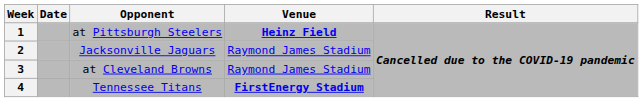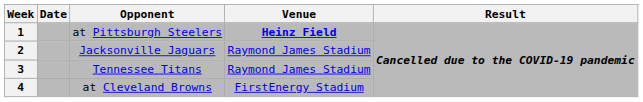 <table class="wikitable" style="text-align:center">
 <tr>
 <th>Week</th>
 <th>Date</th>
 <th>Opponent</th>
 <th>Venue</th>
 <th>Result</th>
 </tr>
 <tr style="background:#bababa">
 <th>1</th>
 <td></td>
 <td>at <a href='#'>Pittsburgh Steelers</a></td>
 <td><strong><a href='#'>Heinz Field</a></strong></td>
 <td rowspan=4><strong><em>Cancelled due to the COVID-19 pandemic</em></strong></td>
 </tr>
 <tr style="background:#bababa">
 <th>2</th>
 <td></td>
 <td><a href='#'>Jacksonville Jaguars</a></td>
 <td><a href='#'>Raymond James Stadium</a></td>
 </tr>
 <tr style="background:#bababa">
 <th>3</th>
 <td></td>
-<td>at <a href='#'>Cleveland Browns</a></td>
+<td><a href='#'>Tennessee Titans</a></td>
 <td><a href='#'>Raymond James Stadium</a></td>
 </tr>
 <tr style="background:#bababa">
 <th>4</th>
 <td></td>
-<td><a href='#'>Tennessee Titans</a></td>
-<td><strong><a href='#'>FirstEnergy Stadium</a></strong></td>
+<td>at <a href='#'>Cleveland Browns</a></td>
+<td><a href='#'>FirstEnergy Stadium</a></td>
 </tr>
 </table>
